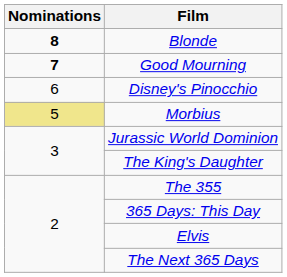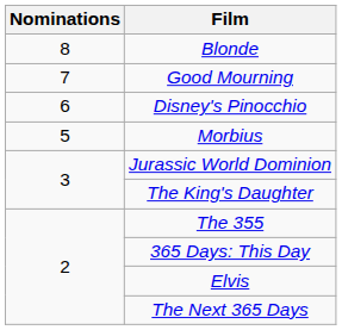 <table class="wikitable sortable" style="text-align:center;">
 <tr>
 <th scope="col" width="55">Nominations</th>
 <th scope="col" align="center">Film</th>
 </tr>
 <tr>
-<td><strong>8</strong></td>
+<td>8</td>
 <td><em><a href='#'>Blonde</a></em></td>
 </tr>
 <tr>
-<td><strong>7</strong></td>
+<td>7</td>
 <td><em><a href='#'>Good Mourning</a></em></td>
 </tr>
 <tr>
 <td>6</td>
 <td><em><a href='#'>Disney's Pinocchio</a></em></td>
 </tr>
 <tr>
-<td style="background: khaki;">5</td>
+<td>5</td>
 <td><em><a href='#'>Morbius</a></em></td>
 </tr>
 <tr>
 <td rowspan="2">3</td>
 <td><em><a href='#'>Jurassic World Dominion</a></em></td>
 </tr>
 <tr>
 <td><em><a href='#'>The King's Daughter</a></em></td>
 </tr>
 <tr>
 <td rowspan="4">2</td>
 <td><em><a href='#'>The 355</a></em></td>
 </tr>
 <tr>
 <td><em><a href='#'>365 Days: This Day</a></em></td>
 </tr>
 <tr>
 <td><em><a href='#'>Elvis</a></em></td>
 </tr>
 <tr>
 <td><em><a href='#'>The Next 365 Days</a></em></td>
 </tr>
 </table>
